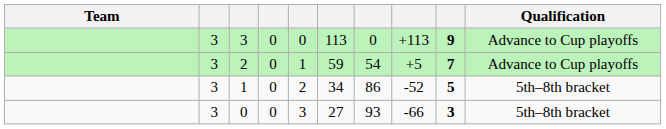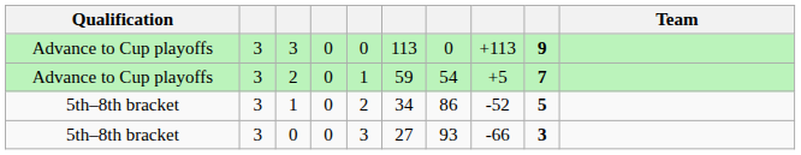 <table class="wikitable" style="text-align:center">
 <tr>
-<th style="width:12.5em">Team</th>
+<th style="width:12.5em">Qualification</th>
 <th style="width:1.5em;"></th>
 <th style="width:1.5em;"></th>
 <th style="width:1.5em;"></th>
 <th style="width:1.5em;"></th>
 <th style="width:2.0em;"></th>
 <th style="width:2.0em;"></th>
 <th style="width:2.5em;"></th>
 <th style="width:1.5em;"></th>
-<th style="width:12.5em">Qualification</th>
+<th style="width:12.5em">Team</th>
 </tr>
 <tr bgcolor=#bbf3bb>
-<td align=left></td>
+<td>Advance to Cup playoffs</td>
 <td>3</td>
 <td>3</td>
 <td>0</td>
 <td>0</td>
 <td>113</td>
 <td>0</td>
 <td>+113</td>
 <td><strong>9</strong></td>
-<td>Advance to Cup playoffs</td>
+<td align=left></td>
 </tr>
 <tr bgcolor=#bbf3bb>
-<td align=left></td>
+<td>Advance to Cup playoffs</td>
 <td>3</td>
 <td>2</td>
 <td>0</td>
 <td>1</td>
 <td>59</td>
 <td>54</td>
 <td>+5</td>
 <td><strong>7</strong></td>
-<td>Advance to Cup playoffs</td>
+<td align=left></td>
 </tr>
 <tr>
-<td align=left></td>
+<td>5th–8th bracket</td>
 <td>3</td>
 <td>1</td>
 <td>0</td>
 <td>2</td>
 <td>34</td>
 <td>86</td>
 <td>-52</td>
 <td><strong>5</strong></td>
-<td>5th–8th bracket</td>
+<td align=left></td>
 </tr>
 <tr>
-<td align=left></td>
+<td>5th–8th bracket</td>
 <td>3</td>
 <td>0</td>
 <td>0</td>
 <td>3</td>
 <td>27</td>
 <td>93</td>
 <td>-66</td>
 <td><strong>3</strong></td>
-<td>5th–8th bracket</td>
+<td align=left></td>
 </tr>
 </table>
